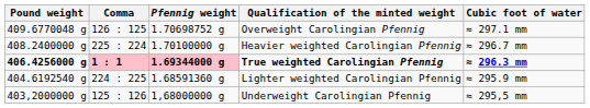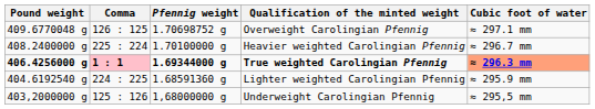 <table class="wikitable">
 <tr>
 <th>Pound weight</th>
 <th>Comma</th>
 <th><em>Pfennig</em> weight</th>
 <th>Qualification of the minted weight</th>
 <th>Cubic foot of water</th>
 </tr>
 <tr>
 <td rowspan="2">409.6770048 g</td>
 <td rowspan="2">126 : 125</td>
 <td rowspan="2">1.70698752 g</td>
 <td>Overweight Carolingian <em>Pfennig</em></td>
 <td rowspan="2">≈ 297.1 mm</td>
 </tr>
 <tr>
 <td rowspan="2">Heavier weighted Carolingian <em>Pfennig</em></td>
 </tr>
 <tr>
 <td rowspan="2">408.2400000 g</td>
 <td rowspan="2">225 : 224</td>
 <td rowspan="2">1.70100000 g</td>
 <td rowspan="2">≈ 296.7 mm</td>
 </tr>
 <tr>
 <td rowspan="3"><strong>True weighted Carolingian <em>Pfennig<strong><em></td>
 </tr>
 <tr style="font-weight:bold">
 <td>406.4256000 g</td>
 <td style="background: pink;">1 : 1</td>
-<td style="background: pink;">1.69344000 g</td>
-<td>≈ <a href='#'>296.3 mm</a></td>
+<td>1.69344000 g</td>
+<td style="background: lightsalmon;">≈ <a href='#'>296.3 mm</a></td>
 </tr>
 <tr>
 <td rowspan="2">404.6192540 g</td>
 <td rowspan="2">224 : 225</td>
 <td rowspan="2">1.68591360 g</td>
 <td rowspan="2">≈ 295.9 mm</td>
 </tr>
 <tr>
 <td rowspan="2">Lighter weighted Carolingian </em>Pfennig<em></td>
 </tr>
 <tr>
 <td rowspan="2">403,2000000 g</td>
 <td rowspan="2">125 : 126</td>
 <td rowspan="2">1,68000000 g</td>
 <td rowspan="2">≈ 295,5 mm</td>
 </tr>
 <tr>
 <td>Underweight  Carolingian </em>Pfennig<em></td>
 </tr>
 </table>
